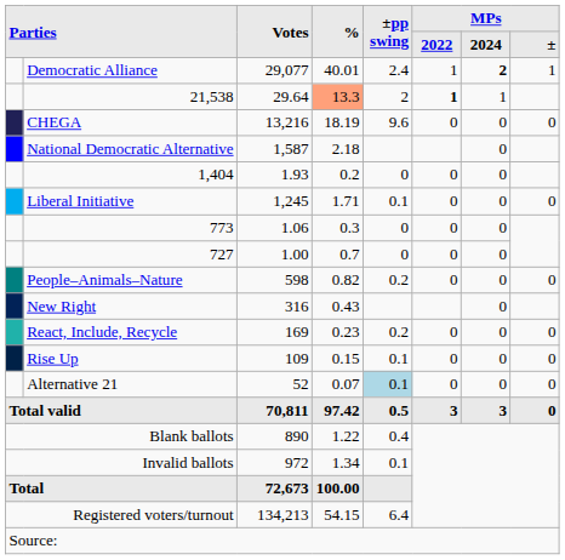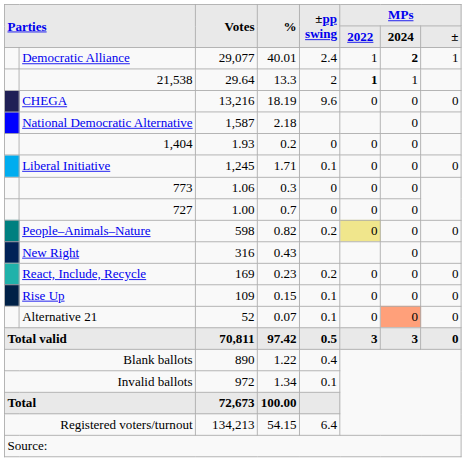 <table class="wikitable" style="text-align:right; font-size:95%;">
 <tr>
 <th rowspan="2" colspan="2" style="background:#e9e9e9; text-align:left;" alignleft><a href='#'>Parties</a></th>
 <th rowspan="2" style="background:#e9e9e9; text-align:right;">Votes</th>
 <th rowspan="2" style="background:#e9e9e9; text-align:right;">%</th>
 <th rowspan="2" style="background:#e9e9e9; text-align:right;">±<a href='#'>pp</a> <a href='#'>swing</a></th>
 <th colspan="3" style="background:#e9e9e9; text-align:center;"><a href='#'>MPs</a></th>
 </tr>
 <tr style="background-color:#E9E9E9">
 <th style="background-color:#E9E9E9;text-align:center;"><a href='#'>2022</a></th>
 <th style="background-color:#E9E9E9;text-align:center;">2024</th>
 <th style="background:#e9e9e9; text-align:right;">±</th>
 </tr>
 <tr>
 <td style="width: 10px"></td>
 <td align="left"><a href='#'>Democratic Alliance</a> </td>
 <td>29,077</td>
 <td>40.01</td>
 <td>2.4</td>
 <td>1</td>
 <td><strong>2</strong></td>
 <td>1</td>
 </tr>
 <tr>
 <td></td>
 <td>21,538</td>
 <td>29.64</td>
-<td style="background: lightsalmon;">13.3</td>
+<td>13.3</td>
 <td>2</td>
 <td><strong>1</strong></td>
 <td>1</td>
 </tr>
 <tr>
 <td style="width: 10px" bgcolor="#202056" align="center"></td>
 <td align="left"><a href='#'>CHEGA</a></td>
 <td>13,216</td>
 <td>18.19</td>
 <td>9.6</td>
 <td>0</td>
 <td>0</td>
 <td>0</td>
 </tr>
 <tr>
 <td style="width: 10px" bgcolor="blue" align="center"></td>
 <td align="left"><a href='#'>National Democratic Alternative</a></td>
 <td>1,587</td>
 <td>2.18</td>
 <td></td>
 <td></td>
 <td>0</td>
 <td></td>
 </tr>
 <tr>
 <td></td>
 <td>1,404</td>
 <td>1.93</td>
 <td>0.2</td>
 <td>0</td>
 <td>0</td>
 <td>0</td>
 </tr>
 <tr>
 <td style="width: 10px" bgcolor="#00ADEF" align="center"></td>
 <td align="left"><a href='#'>Liberal Initiative</a></td>
 <td>1,245</td>
 <td>1.71</td>
 <td>0.1</td>
 <td>0</td>
 <td>0</td>
 <td>0</td>
 </tr>
 <tr>
 <td></td>
 <td>773</td>
 <td>1.06</td>
 <td>0.3</td>
 <td>0</td>
 <td>0</td>
 <td>0</td>
 </tr>
 <tr>
 <td></td>
 <td>727</td>
 <td>1.00</td>
 <td>0.7</td>
 <td>0</td>
 <td>0</td>
 <td>0</td>
 </tr>
 <tr>
 <td style="width: 10px" bgcolor="teal" align="center"></td>
 <td align="left"><a href='#'>People–Animals–Nature</a></td>
 <td>598</td>
 <td>0.82</td>
 <td>0.2</td>
-<td>0</td>
+<td style="background: khaki;">0</td>
 <td>0</td>
 <td>0</td>
 </tr>
 <tr>
 <td style="width: 10px" bgcolor="#012257" align="center"></td>
 <td align="left"><a href='#'>New Right</a></td>
 <td>316</td>
 <td>0.43</td>
 <td></td>
 <td></td>
 <td>0</td>
 <td></td>
 </tr>
 <tr>
 <td style="width: 10px" bgcolor="LightSeaGreen" align="center"></td>
 <td align="left"><a href='#'>React, Include, Recycle</a></td>
 <td>169</td>
 <td>0.23</td>
 <td>0.2</td>
 <td>0</td>
 <td>0</td>
 <td>0</td>
 </tr>
 <tr>
 <td style="width: 10px" bgcolor="#002147" align="center"></td>
 <td align="left"><a href='#'>Rise Up</a></td>
 <td>109</td>
 <td>0.15</td>
 <td>0.1</td>
 <td>0</td>
 <td>0</td>
 <td>0</td>
 </tr>
 <tr>
 <td style="width: 10px"></td>
 <td align="left">Alternative 21 </td>
 <td>52</td>
 <td>0.07</td>
-<td style="background: lightblue;">0.1</td>
+<td>0.1</td>
 <td>0</td>
-<td>0</td>
+<td style="background: lightsalmon;">0</td>
 <td>0</td>
 </tr>
 <tr>
 <td colspan=2 align=left style="background-color:#E9E9E9"><strong>Total valid</strong></td>
 <td width="65" align="right" style="background-color:#E9E9E9"><strong>70,811</strong></td>
 <td width="40" align="right" style="background-color:#E9E9E9"><strong>97.42</strong></td>
 <td width="40" align="right" style="background-color:#E9E9E9"><strong>0.5</strong></td>
 <td width="40" align="right" style="background-color:#E9E9E9"><strong>3</strong></td>
 <td width="40" align="right" style="background-color:#E9E9E9"><strong>3</strong></td>
 <td width="40" align="right" style="background-color:#E9E9E9"><strong>0</strong></td>
 </tr>
 <tr>
 <td colspan=2>Blank ballots</td>
 <td>890</td>
 <td>1.22</td>
 <td>0.4</td>
 <td colspan="3" rowspan="4"></td>
 </tr>
 <tr>
 <td colspan=2>Invalid ballots</td>
 <td>972</td>
 <td>1.34</td>
 <td>0.1</td>
 </tr>
 <tr>
 <td colspan=2 align=left style="background-color:#E9E9E9"><strong>Total</strong></td>
 <td width="50" align="right" style="background-color:#E9E9E9"><strong>72,673</strong></td>
 <td width="40" align="right" style="background-color:#E9E9E9"><strong>100.00</strong></td>
 <td width="40" align="right" style="background-color:#E9E9E9"></td>
 </tr>
 <tr>
 <td colspan=2>Registered voters/turnout</td>
 <td>134,213</td>
 <td>54.15</td>
 <td>6.4</td>
 </tr>
 <tr>
 <td colspan=8 align=left>Source: </td>
 </tr>
 </table>
